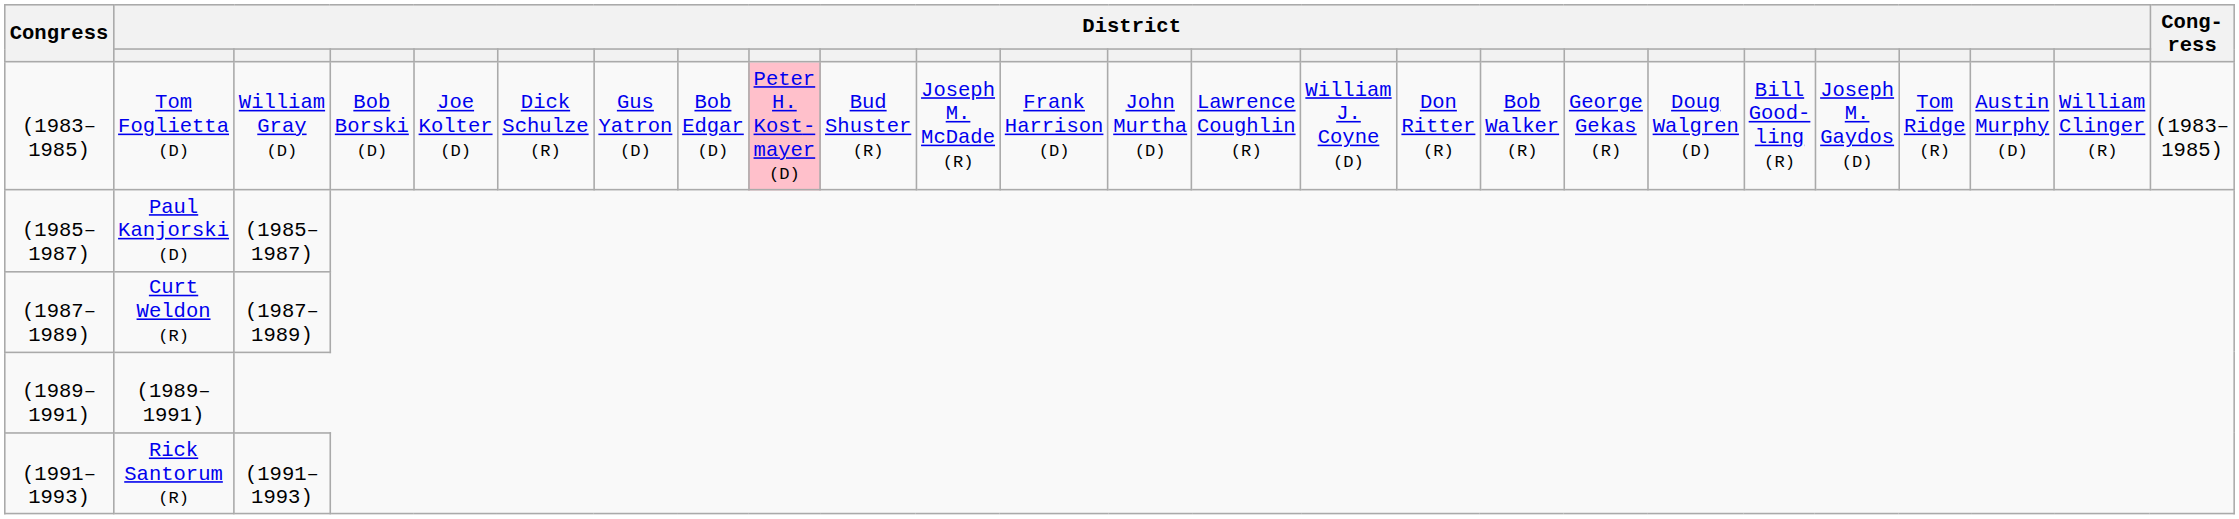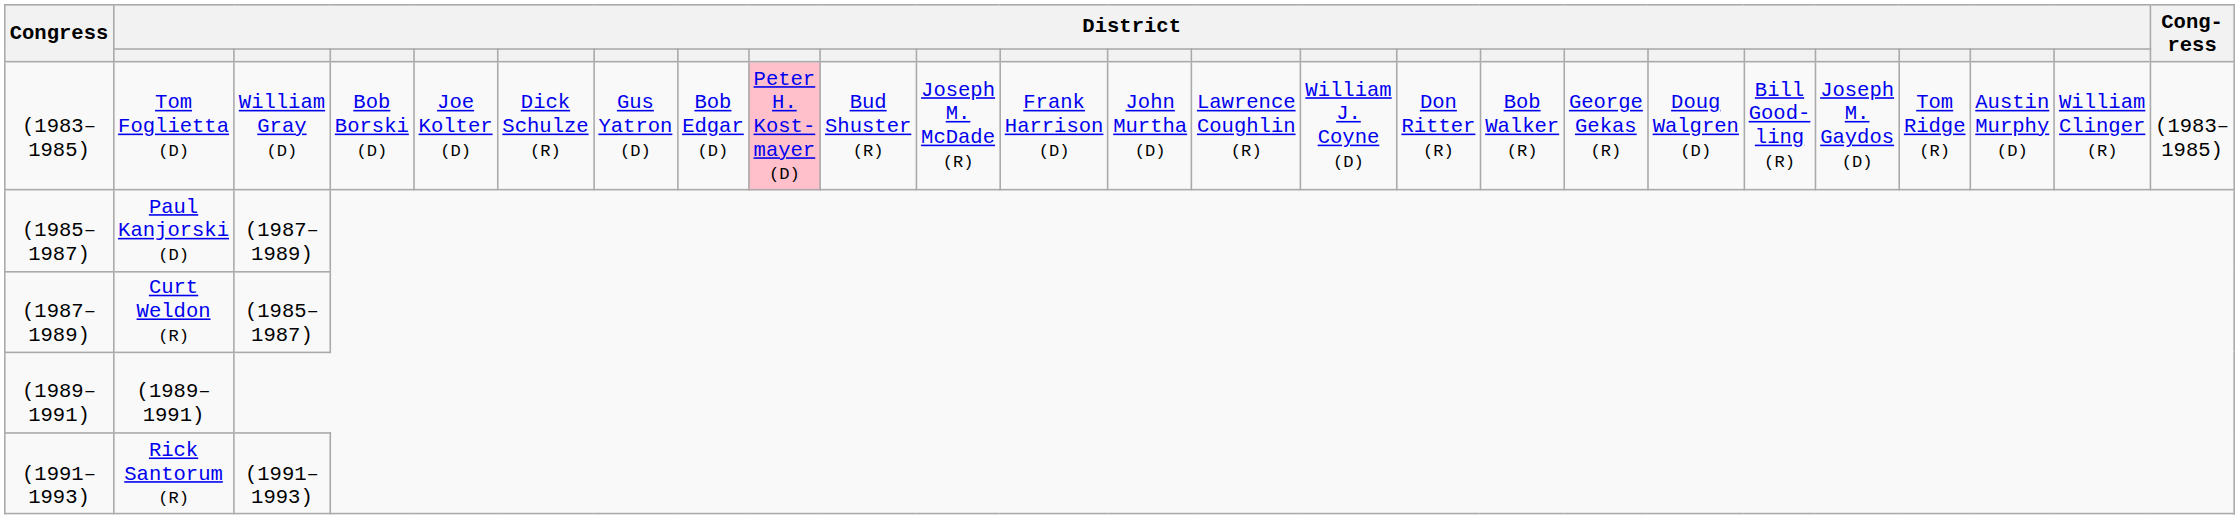 <table class=wikitable style="text-align:center">
 <tr>
 <th rowspan=2>Congress</th>
 <th colspan=23>District</th>
 <th rowspan=2>Cong­ress</th>
 </tr>
 <tr>
 <th></th>
 <th></th>
 <th></th>
 <th></th>
 <th></th>
 <th></th>
 <th></th>
 <th></th>
 <th></th>
 <th></th>
 <th></th>
 <th></th>
 <th></th>
 <th></th>
 <th></th>
 <th></th>
 <th></th>
 <th></th>
 <th></th>
 <th></th>
 <th></th>
 <th></th>
 <th></th>
 </tr>
 <tr style="height:3em">
 <td><strong></strong><br>(1983–1985)</td>
 <td><a href='#'>Tom<br>Foglietta</a><br><small>(D)</small></td>
 <td><a href='#'>William<br>Gray</a><br><small>(D)</small></td>
 <td><a href='#'>Bob<br>Borski</a><br><small>(D)</small></td>
 <td><a href='#'>Joe<br>Kolter</a><br><small>(D)</small></td>
 <td><a href='#'>Dick<br>Schulze</a><br><small>(R)</small></td>
 <td><a href='#'>Gus<br>Yatron</a><br><small>(D)</small></td>
 <td><a href='#'>Bob<br>Edgar</a><br><small>(D)</small></td>
 <td style="background: pink;"><a href='#'>Peter H.<br>Kost­mayer</a><br><small>(D)</small></td>
 <td><a href='#'>Bud<br>Shuster</a><br><small>(R)</small></td>
 <td><a href='#'>Joseph<br>M.<br>McDade</a><br><small>(R)</small></td>
 <td><a href='#'>Frank<br>Harrison</a> <small>(D)</small></td>
 <td><a href='#'>John<br>Murtha</a><br><small>(D)</small></td>
 <td><a href='#'>Lawrence<br>Coughlin</a><br><small>(R)</small></td>
 <td><a href='#'>William<br>J.<br>Coyne</a><br><small>(D)</small></td>
 <td><a href='#'>Don<br>Ritter</a> <small>(R)</small></td>
 <td><a href='#'>Bob<br>Walker</a><br><small>(R)</small></td>
 <td><a href='#'>George<br>Gekas</a><br><small>(R)</small></td>
 <td><a href='#'>Doug<br>Walgren</a><br><small>(D)</small></td>
 <td><a href='#'>Bill<br>Good­ling</a><br><small>(R)</small></td>
 <td><a href='#'>Joseph<br>M.<br>Gaydos</a><br><small>(D)</small></td>
 <td><a href='#'>Tom<br>Ridge</a><br><small>(R)</small></td>
 <td><a href='#'>Austin<br>Murphy</a><br><small>(D)</small></td>
 <td><a href='#'>William<br>Clinger</a><br><small>(R)</small></td>
 <td><strong></strong><br>(1983–1985)</td>
 </tr>
 <tr style="height:3em">
 <td><strong></strong><br>(1985–1987)</td>
 <td><a href='#'>Paul<br>Kanjor­ski</a><br><small>(D)</small></td>
-<td><strong></strong><br>(1985–1987)</td>
+<td><strong></strong><br>(1987–1989)</td>
 </tr>
 <tr style="height:3em">
 <td><strong></strong><br>(1987–1989)</td>
 <td><a href='#'>Curt<br>Weldon</a> <br><small>(R)</small></td>
-<td><strong></strong><br>(1987–1989)</td>
+<td><strong></strong><br>(1985–1987)</td>
 </tr>
 <tr style="height:3em">
 <td><strong></strong><br>(1989–1991)</td>
 <td><strong></strong><br>(1989–1991)</td>
 </tr>
 <tr style="height:3em">
 <td><strong></strong><br>(1991–1993)</td>
 <td><a href='#'>Rick<br>Santorum</a> <small>(R)</small></td>
 <td><strong></strong><br>(1991–1993)</td>
 </tr>
 </table>
